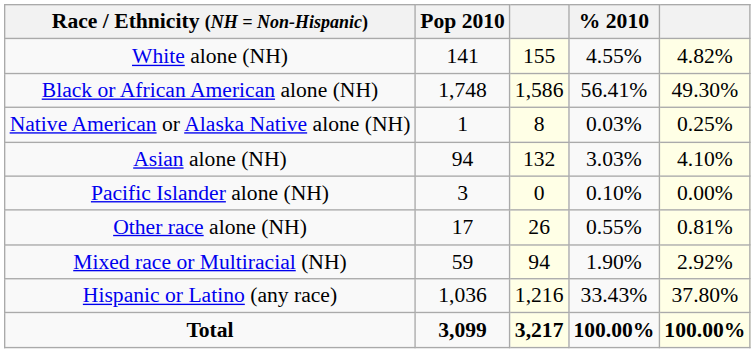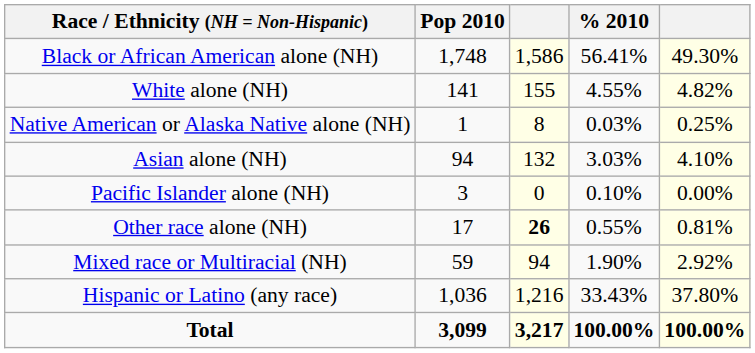 <table class="wikitable" style="text-align:center;">
 <tr>
 <th>Race / Ethnicity <small>(<em>NH = Non-Hispanic</em>)</small></th>
 <th>Pop 2010</th>
 <th></th>
 <th>% 2010</th>
 <th></th>
 </tr>
 <tr>
+<td><a href='#'>Black or African American</a> alone (NH)</td>
+<td>1,748</td>
+<td style='background: #ffffe6;'>1,586</td>
+<td>56.41%</td>
+<td style='background: #ffffe6;'>49.30%</td>
+</tr>
+<tr>
 <td><a href='#'>White</a> alone (NH)</td>
 <td>141</td>
 <td style='background: #ffffe6;'>155</td>
 <td>4.55%</td>
 <td style='background: #ffffe6;'>4.82%</td>
-</tr>
-<tr>
-<td><a href='#'>Black or African American</a> alone (NH)</td>
-<td>1,748</td>
-<td style='background: #ffffe6;'>1,586</td>
-<td>56.41%</td>
-<td style='background: #ffffe6;'>49.30%</td>
 </tr>
 <tr>
 <td><a href='#'>Native American</a> or <a href='#'>Alaska Native</a> alone (NH)</td>
 <td>1</td>
 <td style='background: #ffffe6;'>8</td>
 <td>0.03%</td>
 <td style='background: #ffffe6;'>0.25%</td>
 </tr>
 <tr>
 <td><a href='#'>Asian</a> alone (NH)</td>
 <td>94</td>
 <td style='background: #ffffe6;'>132</td>
 <td>3.03%</td>
 <td style='background: #ffffe6;'>4.10%</td>
 </tr>
 <tr>
 <td><a href='#'>Pacific Islander</a> alone (NH)</td>
 <td>3</td>
 <td style='background: #ffffe6;'>0</td>
 <td>0.10%</td>
 <td style='background: #ffffe6;'>0.00%</td>
 </tr>
 <tr>
 <td><a href='#'>Other race</a> alone (NH)</td>
 <td>17</td>
-<td style='background: #ffffe6;'>26</td>
+<td style='background: #ffffe6;'><strong>26</strong></td>
 <td>0.55%</td>
 <td style='background: #ffffe6;'>0.81%</td>
 </tr>
 <tr>
 <td><a href='#'>Mixed race or Multiracial</a> (NH)</td>
 <td>59</td>
 <td style='background: #ffffe6;'>94</td>
 <td>1.90%</td>
 <td style='background: #ffffe6;'>2.92%</td>
 </tr>
 <tr>
 <td><a href='#'>Hispanic or Latino</a> (any race)</td>
 <td>1,036</td>
 <td style='background: #ffffe6;'>1,216</td>
 <td>33.43%</td>
 <td style='background: #ffffe6;'>37.80%</td>
 </tr>
 <tr>
 <td><strong>Total</strong></td>
 <td><strong>3,099</strong></td>
 <td style='background: #ffffe6;'><strong>3,217</strong></td>
 <td><strong>100.00%</strong></td>
 <td style='background: #ffffe6;'><strong>100.00%</strong></td>
 </tr>
 </table>
